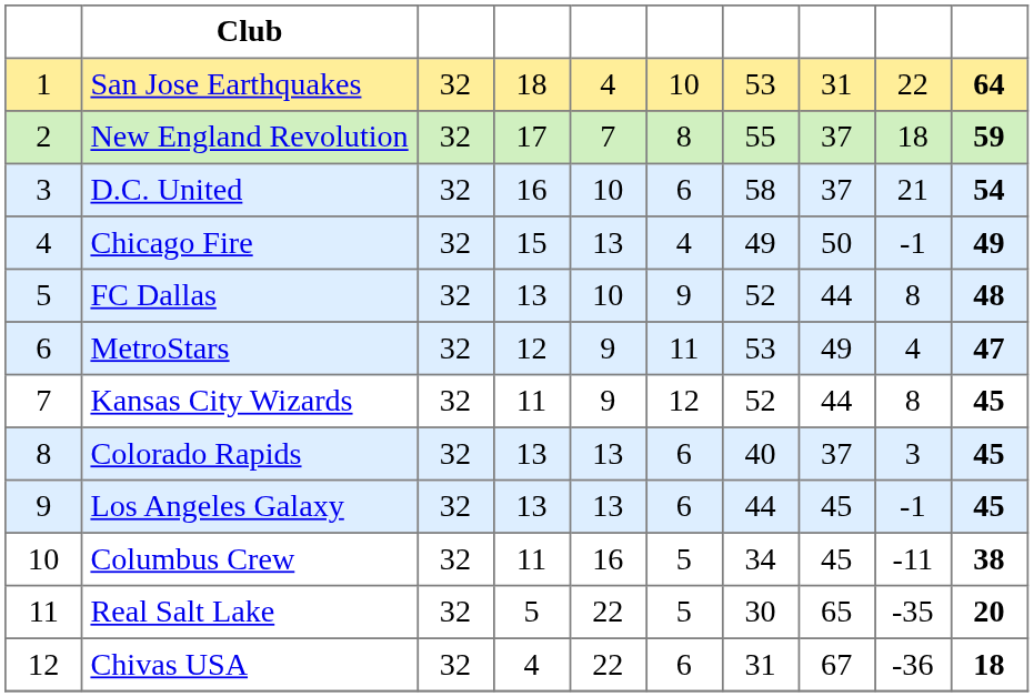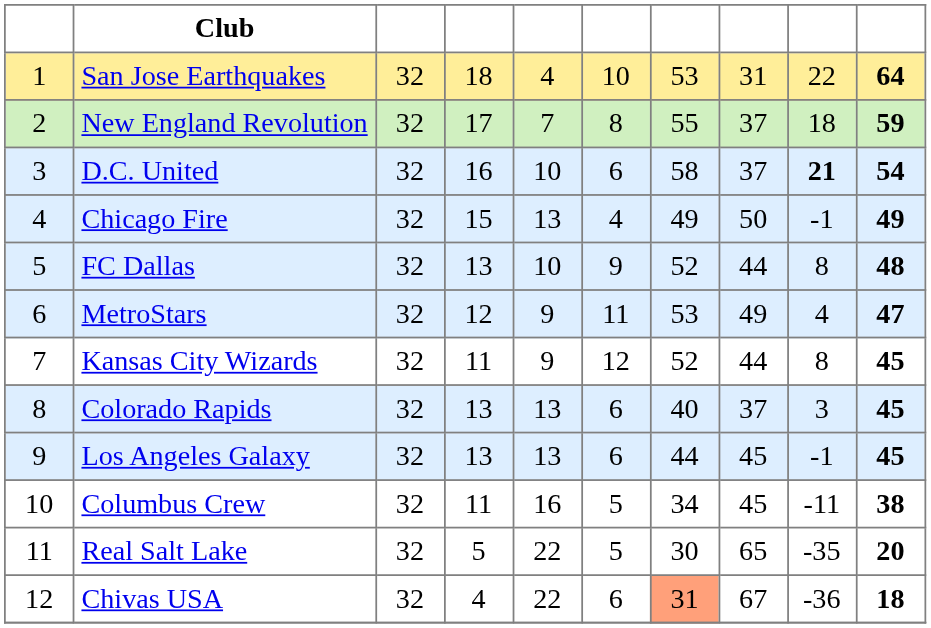 <table class="toccolours" border="1" cellpadding="4" cellspacing="0" style="text-align:center; border-collapse: collapse; margin:0;">
 <tr>
 <th width=30></th>
 <th>Club</th>
 <th width=30></th>
 <th width=30></th>
 <th width=30></th>
 <th width=30></th>
 <th width=30></th>
 <th width=30></th>
 <th width=30></th>
 <th width=30></th>
 </tr>
 <tr bgcolor=#ffee99>
 <td>1</td>
 <td align=left><a href='#'>San Jose Earthquakes</a></td>
 <td>32</td>
 <td>18</td>
 <td>4</td>
 <td>10</td>
 <td>53</td>
 <td>31</td>
 <td>22</td>
 <td><strong>64</strong></td>
 </tr>
 <tr bgcolor=#d0f0c0>
 <td>2</td>
 <td align=left><a href='#'>New England Revolution</a></td>
 <td>32</td>
 <td>17</td>
 <td>7</td>
 <td>8</td>
 <td>55</td>
 <td>37</td>
 <td>18</td>
 <td><strong>59</strong></td>
 </tr>
 <tr bgcolor=#ddeeff>
 <td>3</td>
 <td align=left><a href='#'>D.C. United</a></td>
 <td>32</td>
 <td>16</td>
 <td>10</td>
 <td>6</td>
 <td>58</td>
 <td>37</td>
-<td>21</td>
+<td><strong>21</strong></td>
 <td><strong>54</strong></td>
 </tr>
 <tr bgcolor=#ddeeff>
 <td>4</td>
 <td align=left><a href='#'>Chicago Fire</a></td>
 <td>32</td>
 <td>15</td>
 <td>13</td>
 <td>4</td>
 <td>49</td>
 <td>50</td>
 <td>-1</td>
 <td><strong>49</strong></td>
 </tr>
 <tr bgcolor=#ddeeff>
 <td>5</td>
 <td align=left><a href='#'>FC Dallas</a></td>
 <td>32</td>
 <td>13</td>
 <td>10</td>
 <td>9</td>
 <td>52</td>
 <td>44</td>
 <td>8</td>
 <td><strong>48</strong></td>
 </tr>
 <tr bgcolor=#ddeeff>
 <td>6</td>
 <td align=left><a href='#'>MetroStars</a></td>
 <td>32</td>
 <td>12</td>
 <td>9</td>
 <td>11</td>
 <td>53</td>
 <td>49</td>
 <td>4</td>
 <td><strong>47</strong></td>
 </tr>
 <tr>
 <td>7</td>
 <td align=left><a href='#'>Kansas City Wizards</a></td>
 <td>32</td>
 <td>11</td>
 <td>9</td>
 <td>12</td>
 <td>52</td>
 <td>44</td>
 <td>8</td>
 <td><strong>45</strong></td>
 </tr>
 <tr bgcolor=#ddeeff>
 <td>8</td>
 <td align=left><a href='#'>Colorado Rapids</a></td>
 <td>32</td>
 <td>13</td>
 <td>13</td>
 <td>6</td>
 <td>40</td>
 <td>37</td>
 <td>3</td>
 <td><strong>45</strong></td>
 </tr>
 <tr bgcolor=#ddeeff>
 <td>9</td>
 <td align=left><a href='#'>Los Angeles Galaxy</a></td>
 <td>32</td>
 <td>13</td>
 <td>13</td>
 <td>6</td>
 <td>44</td>
 <td>45</td>
 <td>-1</td>
 <td><strong>45</strong></td>
 </tr>
 <tr>
 <td>10</td>
 <td align=left><a href='#'>Columbus Crew</a></td>
 <td>32</td>
 <td>11</td>
 <td>16</td>
 <td>5</td>
 <td>34</td>
 <td>45</td>
 <td>-11</td>
 <td><strong>38</strong></td>
 </tr>
 <tr>
 <td>11</td>
 <td align=left><a href='#'>Real Salt Lake</a></td>
 <td>32</td>
 <td>5</td>
 <td>22</td>
 <td>5</td>
 <td>30</td>
 <td>65</td>
 <td>-35</td>
 <td><strong>20</strong></td>
 </tr>
 <tr>
 <td>12</td>
 <td align=left><a href='#'>Chivas USA</a></td>
 <td>32</td>
 <td>4</td>
 <td>22</td>
 <td>6</td>
-<td>31</td>
+<td style="background: lightsalmon;">31</td>
 <td>67</td>
 <td>-36</td>
 <td><strong>18</strong></td>
 </tr>
 <tr>
 </tr>
 </table>
